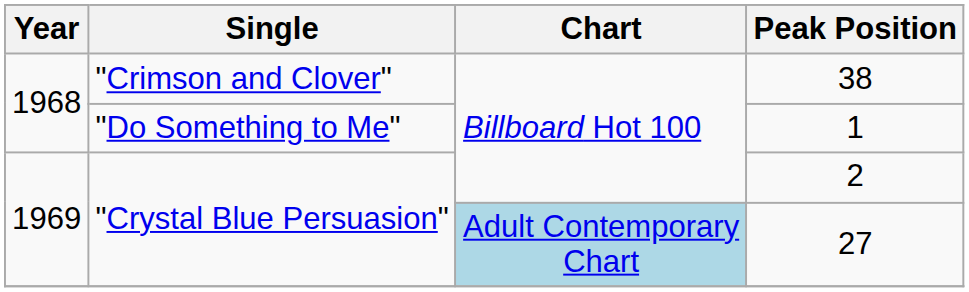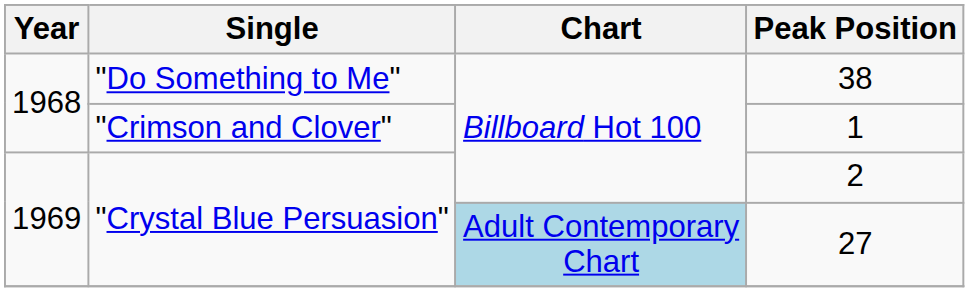 <table class="wikitable">
 <tr>
 <th>Year</th>
 <th>Single</th>
 <th>Chart</th>
 <th>Peak Position</th>
 </tr>
 <tr>
 <td rowspan="2">1968</td>
-<td rowspan="1">"<a href='#'>Crimson and Clover</a>"</td>
+<td rowspan="1">"<a href='#'>Do Something to Me</a>"</td>
 <td rowspan="3"><a href='#'><em>Billboard</em> Hot 100</a></td>
 <td align="center">38</td>
 </tr>
 <tr>
-<td rowspan="1">"<a href='#'>Do Something to Me</a>"</td>
+<td rowspan="1">"<a href='#'>Crimson and Clover</a>"</td>
 <td align="center">1</td>
 </tr>
 <tr>
 <td rowspan="2">1969</td>
 <td rowspan="2">"<a href='#'>Crystal Blue Persuasion</a>"</td>
 <td align="center">2</td>
 </tr>
 <tr>
 <td align="center" style="background: lightblue;"><a href='#'>Adult Contemporary<br>Chart</a></td>
 <td align="center">27</td>
 </tr>
 <tr>
 </tr>
 </table>
